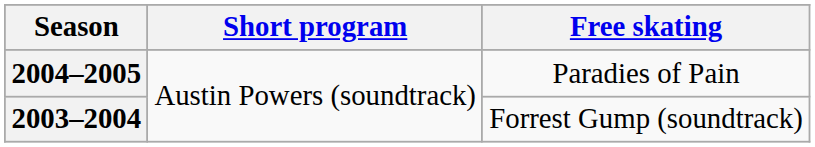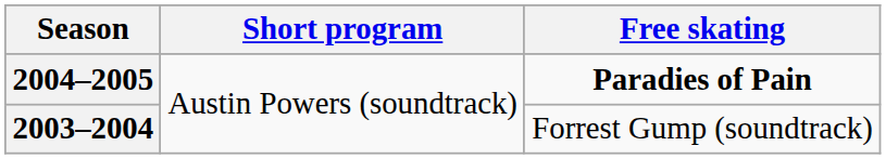 <table class="wikitable" style="text-align:center">
 <tr>
 <th>Season</th>
 <th><a href='#'>Short program</a></th>
 <th><a href='#'>Free skating</a></th>
 </tr>
 <tr>
 <th>2004–2005</th>
 <td rowspan=2>Austin Powers (soundtrack) <br></td>
-<td>Paradies of Pain <br></td>
+<td><strong>Paradies of Pain <br></strong></td>
 </tr>
 <tr>
 <th>2003–2004</th>
 <td>Forrest Gump (soundtrack) <br></td>
 </tr>
 </table>
